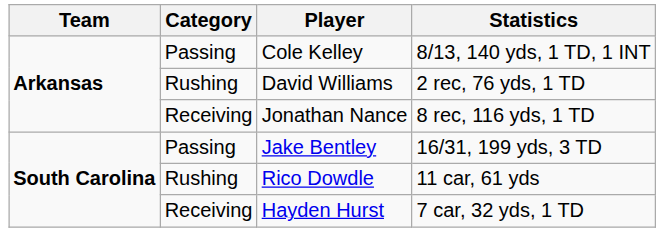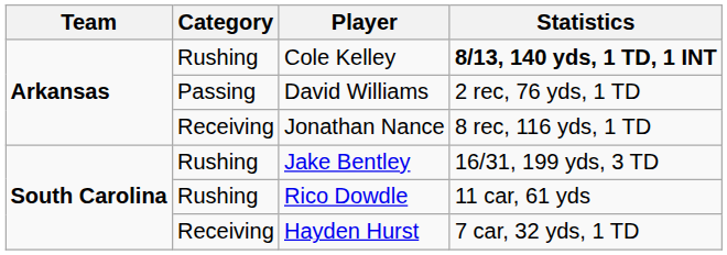 <table class="wikitable" style="float: right;">
 <tr>
 <th>Team</th>
 <th>Category</th>
 <th>Player</th>
 <th>Statistics</th>
 </tr>
 <tr>
 <td rowspan=3><strong>Arkansas</strong></td>
-<td>Passing</td>
+<td>Rushing</td>
 <td>Cole Kelley</td>
-<td>8/13, 140 yds, 1 TD, 1 INT</td>
+<td><strong>8/13, 140 yds, 1 TD, 1 INT</strong></td>
 </tr>
 <tr>
-<td>Rushing</td>
+<td>Passing</td>
 <td>David Williams</td>
 <td>2 rec, 76 yds, 1 TD</td>
 </tr>
 <tr>
 <td>Receiving</td>
 <td>Jonathan Nance</td>
 <td>8 rec, 116 yds, 1 TD</td>
 </tr>
 <tr>
 <td rowspan=3><strong>South Carolina</strong></td>
-<td>Passing</td>
+<td>Rushing</td>
 <td><a href='#'>Jake Bentley</a></td>
 <td>16/31, 199 yds, 3 TD</td>
 </tr>
 <tr>
 <td>Rushing</td>
 <td><a href='#'>Rico Dowdle</a></td>
 <td>11 car, 61 yds</td>
 </tr>
 <tr>
 <td>Receiving</td>
 <td><a href='#'>Hayden Hurst</a></td>
 <td>7 car, 32 yds, 1 TD</td>
 </tr>
 </table>
